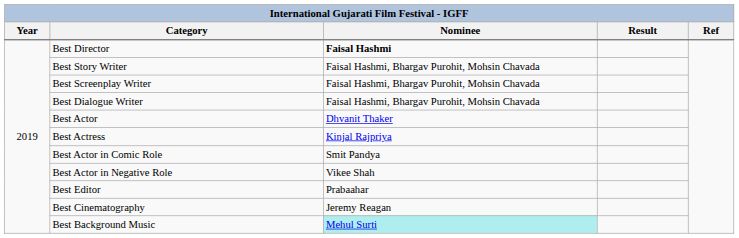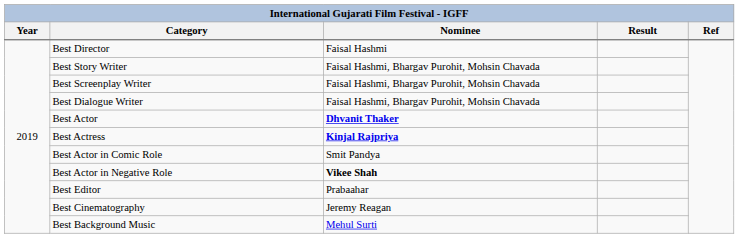 <table class="wikitable" style="font-size:95%;" ;>
 <tr style="background:#ccc; text-align:center;">
 <th colspan="6" style="background: LightSteelBlue;"><strong>International Gujarati Film Festival - IGFF</strong></th>
 </tr>
 <tr style="background:#ccc; text-align:center;">
 <th width=5%>Year</th>
 <th style="width:30%;">Category</th>
 <th style="width:30%;">Nominee</th>
 <th style="width:10%;">Result</th>
 <th style="width:5%;">Ref</th>
 </tr>
 <tr style="border-top:2px solid gray;">
 <td rowspan="11" style="text-align:center;">2019</td>
 <td>Best Director</td>
-<td><strong>Faisal Hashmi</strong></td>
+<td>Faisal Hashmi</td>
 <td></td>
 <td rowspan="11" style="text-align:center;"></td>
 </tr>
 <tr>
 <td>Best Story Writer</td>
 <td>Faisal Hashmi, Bhargav Purohit, Mohsin Chavada</td>
 <td></td>
 </tr>
 <tr>
 <td>Best Screenplay Writer</td>
 <td>Faisal Hashmi, Bhargav Purohit, Mohsin Chavada</td>
 <td></td>
 </tr>
 <tr>
 <td>Best Dialogue Writer</td>
 <td>Faisal Hashmi, Bhargav Purohit, Mohsin Chavada</td>
 <td></td>
 </tr>
 <tr>
 <td>Best Actor</td>
-<td><a href='#'>Dhvanit Thaker</a></td>
+<td><strong><a href='#'>Dhvanit Thaker</a></strong></td>
 <td></td>
 </tr>
 <tr>
 <td>Best Actress</td>
-<td><a href='#'>Kinjal Rajpriya</a></td>
+<td><strong><a href='#'>Kinjal Rajpriya</a></strong></td>
 <td></td>
 </tr>
 <tr>
 <td>Best Actor in Comic Role</td>
 <td>Smit Pandya</td>
 <td></td>
 </tr>
 <tr>
 <td>Best Actor in Negative Role</td>
-<td>Vikee Shah</td>
+<td><strong>Vikee Shah</strong></td>
 <td></td>
 </tr>
 <tr>
 <td>Best Editor</td>
 <td>Prabaahar</td>
 <td></td>
 </tr>
 <tr>
 <td>Best Cinematography</td>
 <td>Jeremy Reagan</td>
 <td></td>
 </tr>
 <tr>
 <td>Best Background Music</td>
-<td style="background: paleturquoise;"><a href='#'>Mehul Surti</a></td>
+<td><a href='#'>Mehul Surti</a></td>
 <td></td>
 </tr>
 </table>
